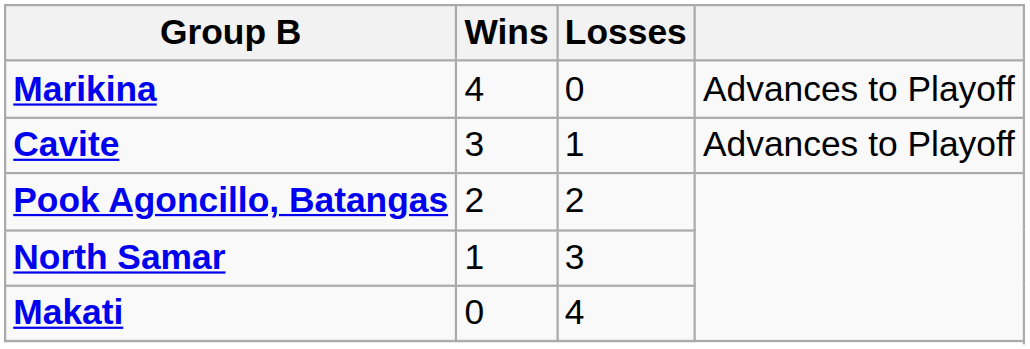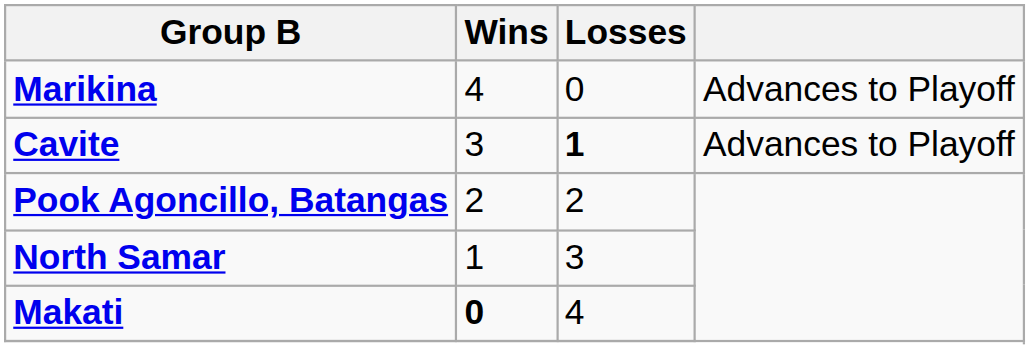 <table class="wikitable">
 <tr align=center>
 <th>Group B</th>
 <th>Wins</th>
 <th>Losses</th>
 <th></th>
 </tr>
 <tr>
 <td><strong><a href='#'>Marikina</a></strong></td>
 <td>4</td>
 <td>0</td>
 <td>Advances to Playoff</td>
 </tr>
 <tr>
 <td><strong><a href='#'>Cavite</a></strong></td>
 <td>3</td>
-<td>1</td>
+<td><strong>1</strong></td>
 <td>Advances to Playoff</td>
 </tr>
 <tr>
 <td><strong><a href='#'>Pook Agoncillo, Batangas</a></strong></td>
 <td>2</td>
 <td>2</td>
 </tr>
 <tr>
 <td><strong><a href='#'>North Samar</a></strong></td>
 <td>1</td>
 <td>3</td>
 </tr>
 <tr>
 <td><strong><a href='#'>Makati</a></strong></td>
-<td>0</td>
+<td><strong>0</strong></td>
 <td>4</td>
 </tr>
 <tr>
 </tr>
 </table>
